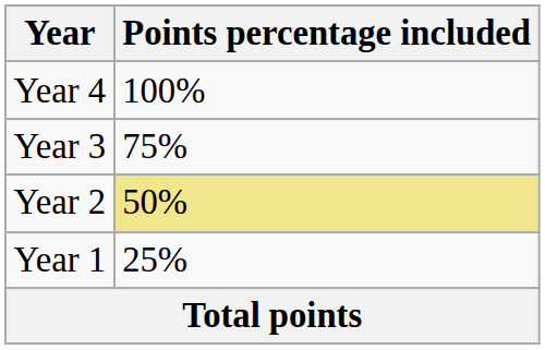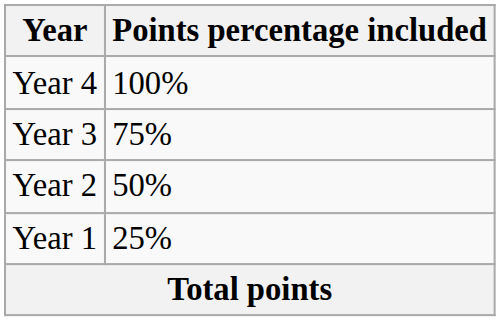 <table class=wikitable>
 <tr>
 <th>Year</th>
 <th>Points percentage included</th>
 </tr>
 <tr>
 <td>Year 4</td>
 <td>100%</td>
 </tr>
 <tr>
 <td>Year 3</td>
 <td>75%</td>
 </tr>
 <tr>
 <td>Year 2</td>
-<td style="background: khaki;">50%</td>
+<td>50%</td>
 </tr>
 <tr>
 <td>Year 1</td>
 <td>25%</td>
 </tr>
 <tr>
 <th colspan=2>Total points</th>
 </tr>
 </table>
